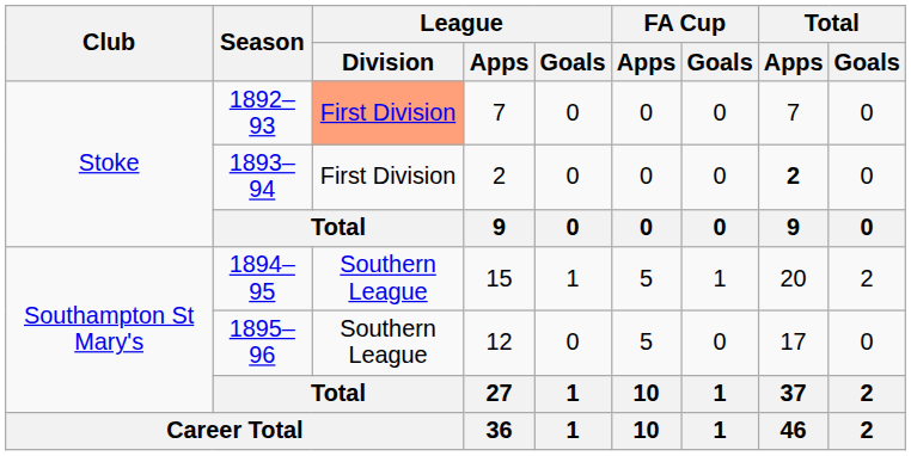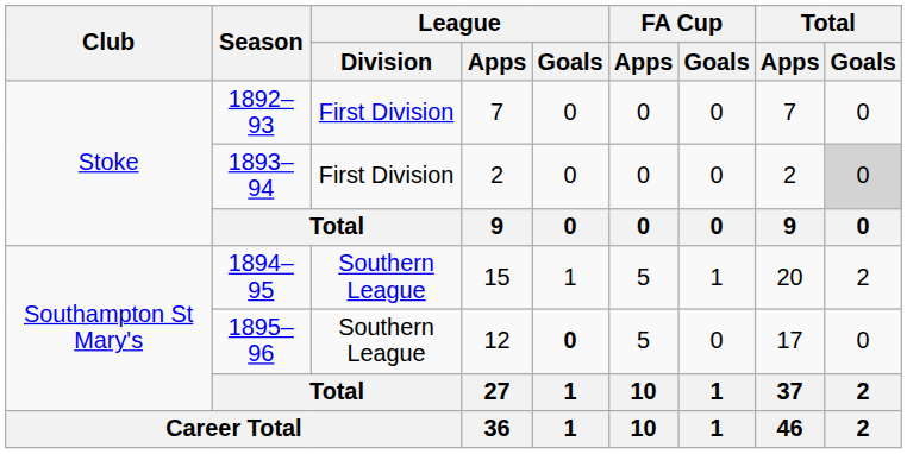 <table class="wikitable" style="text-align: center;">
 <tr>
 <th rowspan="2">Club</th>
 <th rowspan="2">Season</th>
 <th colspan="3">League</th>
 <th colspan="2">FA Cup</th>
 <th colspan="2">Total</th>
 </tr>
 <tr>
 <th>Division</th>
 <th>Apps</th>
 <th>Goals</th>
 <th>Apps</th>
 <th>Goals</th>
 <th>Apps</th>
 <th>Goals</th>
 </tr>
 <tr>
 <td rowspan="3"><a href='#'>Stoke</a></td>
 <td><a href='#'>1892–93</a></td>
-<td style="background: lightsalmon;"><a href='#'>First Division</a></td>
+<td><a href='#'>First Division</a></td>
 <td>7</td>
 <td>0</td>
 <td>0</td>
 <td>0</td>
 <td>7</td>
 <td>0</td>
 </tr>
 <tr>
 <td><a href='#'>1893–94</a></td>
 <td>First Division</td>
 <td>2</td>
 <td>0</td>
 <td>0</td>
 <td>0</td>
-<td><strong>2</strong></td>
-<td>0</td>
+<td>2</td>
+<td style="background: lightgrey;">0</td>
 </tr>
 <tr>
 <th colspan=2>Total</th>
 <th>9</th>
 <th>0</th>
 <th>0</th>
 <th>0</th>
 <th>9</th>
 <th>0</th>
 </tr>
 <tr>
 <td rowspan="3"><a href='#'>Southampton St Mary's</a></td>
 <td><a href='#'>1894–95</a></td>
 <td><a href='#'>Southern League</a></td>
 <td>15</td>
 <td>1</td>
 <td>5</td>
 <td>1</td>
 <td>20</td>
 <td>2</td>
 </tr>
 <tr>
 <td><a href='#'>1895–96</a></td>
 <td>Southern League</td>
 <td>12</td>
-<td>0</td>
+<td><strong>0</strong></td>
 <td>5</td>
 <td>0</td>
 <td>17</td>
 <td>0</td>
 </tr>
 <tr>
 <th colspan=2>Total</th>
 <th>27</th>
 <th>1</th>
 <th>10</th>
 <th>1</th>
 <th>37</th>
 <th>2</th>
 </tr>
 <tr>
 <th colspan="3">Career Total</th>
 <th>36</th>
 <th>1</th>
 <th>10</th>
 <th>1</th>
 <th>46</th>
 <th>2</th>
 </tr>
 </table>
